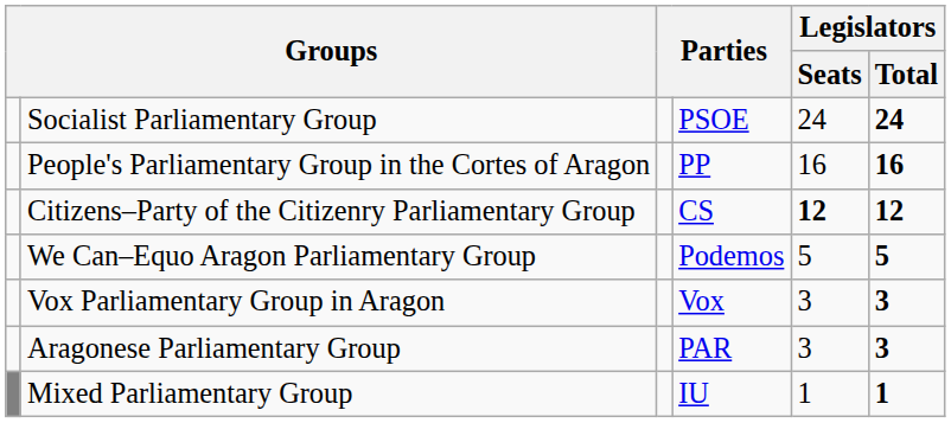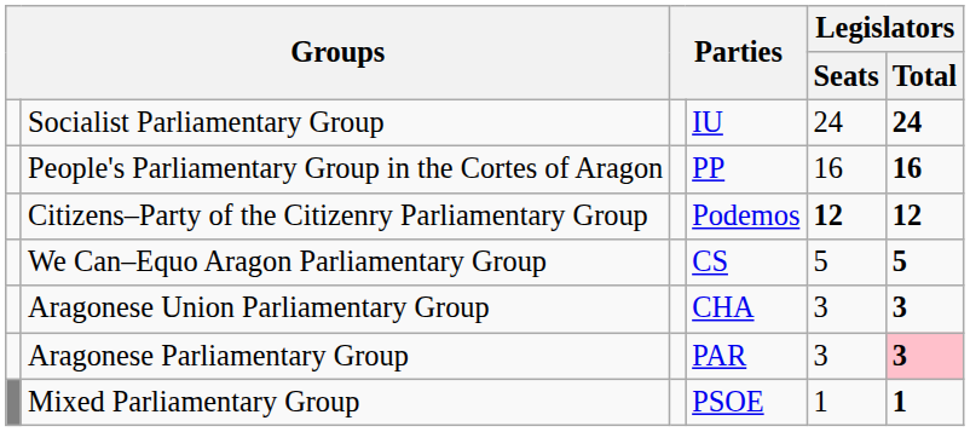 <table class="wikitable" style="text-align:left;">
 <tr>
 <th rowspan="2" colspan="2">Groups</th>
 <th rowspan="2" colspan="2">Parties</th>
 <th colspan="2">Legislators</th>
 </tr>
 <tr>
 <th>Seats</th>
 <th>Total</th>
 </tr>
 <tr>
 <td width="1" style="color:inherit;background:"></td>
 <td>Socialist Parliamentary Group</td>
 <td width="1" style="color:inherit;background:"></td>
-<td align="left"><a href='#'>PSOE</a></td>
+<td align="left"><a href='#'>IU</a></td>
 <td>24</td>
 <td><strong>24</strong></td>
 </tr>
 <tr>
 <td style="color:inherit;background:"></td>
 <td>People's Parliamentary Group in the Cortes of Aragon</td>
 <td style="color:inherit;background:"></td>
 <td align="left"><a href='#'>PP</a></td>
 <td>16</td>
 <td><strong>16</strong></td>
 </tr>
 <tr>
 <td style="color:inherit;background:"></td>
 <td>Citizens–Party of the Citizenry Parliamentary Group</td>
 <td style="color:inherit;background:"></td>
-<td align="left"><a href='#'>CS</a></td>
+<td align="left"><a href='#'>Podemos</a></td>
 <td><strong>12</strong></td>
 <td><strong>12</strong></td>
 </tr>
 <tr>
 <td style="color:inherit;background:"></td>
 <td>We Can–Equo Aragon Parliamentary Group</td>
 <td style="color:inherit;background:"></td>
-<td align="left"><a href='#'>Podemos</a></td>
+<td align="left"><a href='#'>CS</a></td>
 <td>5</td>
 <td><strong>5</strong></td>
 </tr>
 <tr>
 <td style="color:inherit;background:"></td>
-<td>Vox Parliamentary Group in Aragon</td>
+<td>Aragonese Union Parliamentary Group</td>
 <td style="color:inherit;background:"></td>
-<td align="left"><a href='#'>Vox</a></td>
+<td align="left"><a href='#'>CHA</a></td>
 <td>3</td>
 <td><strong>3</strong></td>
 </tr>
 <tr>
 <td style="color:inherit;background:"></td>
 <td>Aragonese Parliamentary Group</td>
 <td style="color:inherit;background:"></td>
 <td align="left"><a href='#'>PAR</a></td>
 <td>3</td>
-<td><strong>3</strong></td>
+<td style="background: pink;"><strong>3</strong></td>
 </tr>
 <tr>
 <td bgcolor="gray"></td>
 <td>Mixed Parliamentary Group</td>
 <td style="color:inherit;background:"></td>
-<td align="left"><a href='#'>IU</a></td>
+<td align="left"><a href='#'>PSOE</a></td>
 <td>1</td>
 <td><strong>1</strong></td>
 </tr>
 </table>
